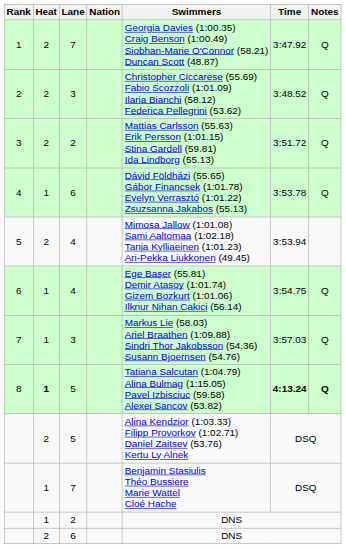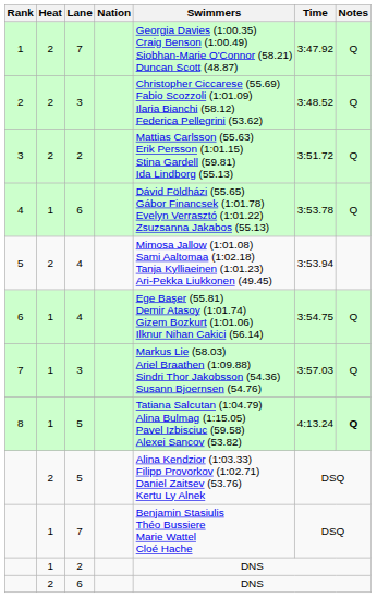 <table class="wikitable sortable" style="text-align:center">
 <tr>
 <th>Rank</th>
 <th>Heat</th>
 <th>Lane</th>
 <th>Nation</th>
 <th>Swimmers</th>
 <th>Time</th>
 <th>Notes</th>
 </tr>
 <tr bgcolor=ccffcc>
 <td>1</td>
 <td>2</td>
 <td>7</td>
 <td align=left></td>
 <td align=left><a href='#'>Georgia Davies</a> (1:00.35)<br><a href='#'>Craig Benson</a> (1:00.49)<br><a href='#'>Siobhan-Marie O'Connor</a> (58.21)<br><a href='#'>Duncan Scott</a> (48.87)</td>
 <td>3:47.92</td>
 <td>Q</td>
 </tr>
 <tr bgcolor=ccffcc>
 <td>2</td>
 <td>2</td>
 <td>3</td>
 <td align=left></td>
 <td align=left><a href='#'>Christopher Ciccarese</a> (55.69)<br><a href='#'>Fabio Scozzoli</a> (1:01.09)<br><a href='#'>Ilaria Bianchi</a> (58.12)<br><a href='#'>Federica Pellegrini</a> (53.62)</td>
 <td>3:48.52</td>
 <td>Q</td>
 </tr>
 <tr bgcolor=ccffcc>
 <td>3</td>
 <td>2</td>
 <td>2</td>
 <td align=left></td>
 <td align=left><a href='#'>Mattias Carlsson</a> (55.63)<br><a href='#'>Erik Persson</a> (1:01.15)<br><a href='#'>Stina Gardell</a> (59.81)<br><a href='#'>Ida Lindborg</a> (55.13)</td>
 <td>3:51.72</td>
 <td>Q</td>
 </tr>
 <tr bgcolor=ccffcc>
 <td>4</td>
 <td>1</td>
 <td>6</td>
 <td align=left></td>
 <td align=left><a href='#'>Dávid Földházi</a> (55.65)<br><a href='#'>Gábor Financsek</a> (1:01.78)<br><a href='#'>Evelyn Verrasztó</a> (1:01.22)<br><a href='#'>Zsuzsanna Jakabos</a> (55.13)</td>
 <td>3:53.78</td>
 <td>Q</td>
 </tr>
 <tr>
 <td>5</td>
 <td>2</td>
 <td>4</td>
 <td align=left></td>
 <td align=left><a href='#'>Mimosa Jallow</a> (1:01.08)<br><a href='#'>Sami Aaltomaa</a> (1:02.18)<br><a href='#'>Tanja Kylliaeinen</a> (1:01.23)<br><a href='#'>Ari-Pekka Liukkonen</a> (49.45)</td>
 <td>3:53.94</td>
 <td></td>
 </tr>
 <tr bgcolor=ccffcc>
 <td>6</td>
 <td>1</td>
 <td>4</td>
 <td align=left></td>
 <td align=left><a href='#'>Ege Başer</a> (55.81)<br><a href='#'>Demir Atasoy</a> (1:01.74)<br><a href='#'>Gizem Bozkurt</a> (1:01.06)<br><a href='#'>Ilknur Nihan Cakici</a> (56.14)</td>
 <td>3:54.75</td>
 <td>Q</td>
 </tr>
 <tr bgcolor=ccffcc>
 <td>7</td>
 <td>1</td>
 <td>3</td>
 <td align=left></td>
 <td align=left><a href='#'>Markus Lie</a> (58.03)<br><a href='#'>Ariel Braathen</a> (1:09.88)<br><a href='#'>Sindri Thor Jakobsson</a> (54.36)<br><a href='#'>Susann Bjoernsen</a> (54.76)</td>
 <td>3:57.03</td>
 <td>Q</td>
 </tr>
 <tr bgcolor=ccffcc>
 <td>8</td>
-<td><strong>1</strong></td>
+<td>1</td>
 <td>5</td>
 <td align=left></td>
 <td align=left><a href='#'>Tatiana Salcutan</a> (1:04.79)<br><a href='#'>Alina Bulmag</a> (1:15.05)<br><a href='#'>Pavel Izbisciuc</a> (59.58)<br><a href='#'>Alexei Sancov</a> (53.82)</td>
-<td><strong>4:13.24</strong></td>
+<td>4:13.24</td>
 <td><strong>Q</strong></td>
 </tr>
 <tr>
 <td></td>
 <td>2</td>
 <td>5</td>
 <td align=left></td>
 <td align=left><a href='#'>Alina Kendzior</a> (1:03.33)<br><a href='#'>Filipp Provorkov</a> (1:02.71)<br><a href='#'>Daniel Zaitsev</a> (53.76)<br><a href='#'>Kertu Ly Alnek</a></td>
 <td colspan=2>DSQ</td>
 </tr>
 <tr>
 <td></td>
 <td>1</td>
 <td>7</td>
 <td align=left></td>
 <td align=left><a href='#'>Benjamin Stasiulis</a> <br><a href='#'>Théo Bussiere</a> <br><a href='#'>Marie Wattel</a> <br><a href='#'>Cloé Hache</a></td>
 <td colspan=2>DSQ</td>
 </tr>
 <tr>
 <td></td>
 <td>1</td>
 <td>2</td>
 <td align=left></td>
 <td colspan=3>DNS</td>
 </tr>
 <tr>
 <td></td>
 <td>2</td>
 <td>6</td>
 <td align=left></td>
 <td colspan=3>DNS</td>
 </tr>
 </table>
